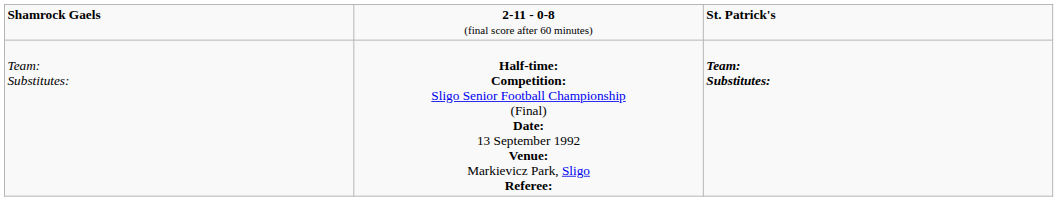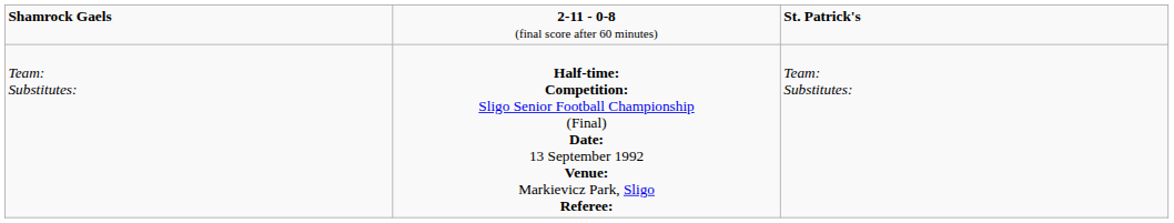 <table border=0 class="wikitable" width=100%>
 <tr>
 <td width=33% valign=top><span><strong>Shamrock Gaels</strong></span><br><small></small></td>
 <td width=33% valign=top align=center><span><strong>2-11 - 0-8</strong></span><br><small>(final score after 60 minutes)</small></td>
 <td width=33% valign=top><span><strong>St. Patrick's</strong></span><br><small></small></td>
 </tr>
 <tr>
 <td valign=top><br><em>Team:</em> <br><em>Substitutes:</em> <br></td>
 <td valign=middle align=center><br><strong>Half-time:</strong><br><strong>Competition:</strong><br><a href='#'>Sligo Senior Football Championship</a><br>(Final)<br><strong>Date:</strong><br>13 September 1992<br><strong>Venue:</strong><br>Markievicz Park, <a href='#'>Sligo</a><br><strong>Referee:</strong><br></td>
-<td valign=top><strong><br><em>Team:</em> <br><em>Substitutes:</em> <br></strong></td>
+<td valign=top><br><em>Team:</em> <br><em>Substitutes:</em> <br></td>
 </tr>
 </table>
